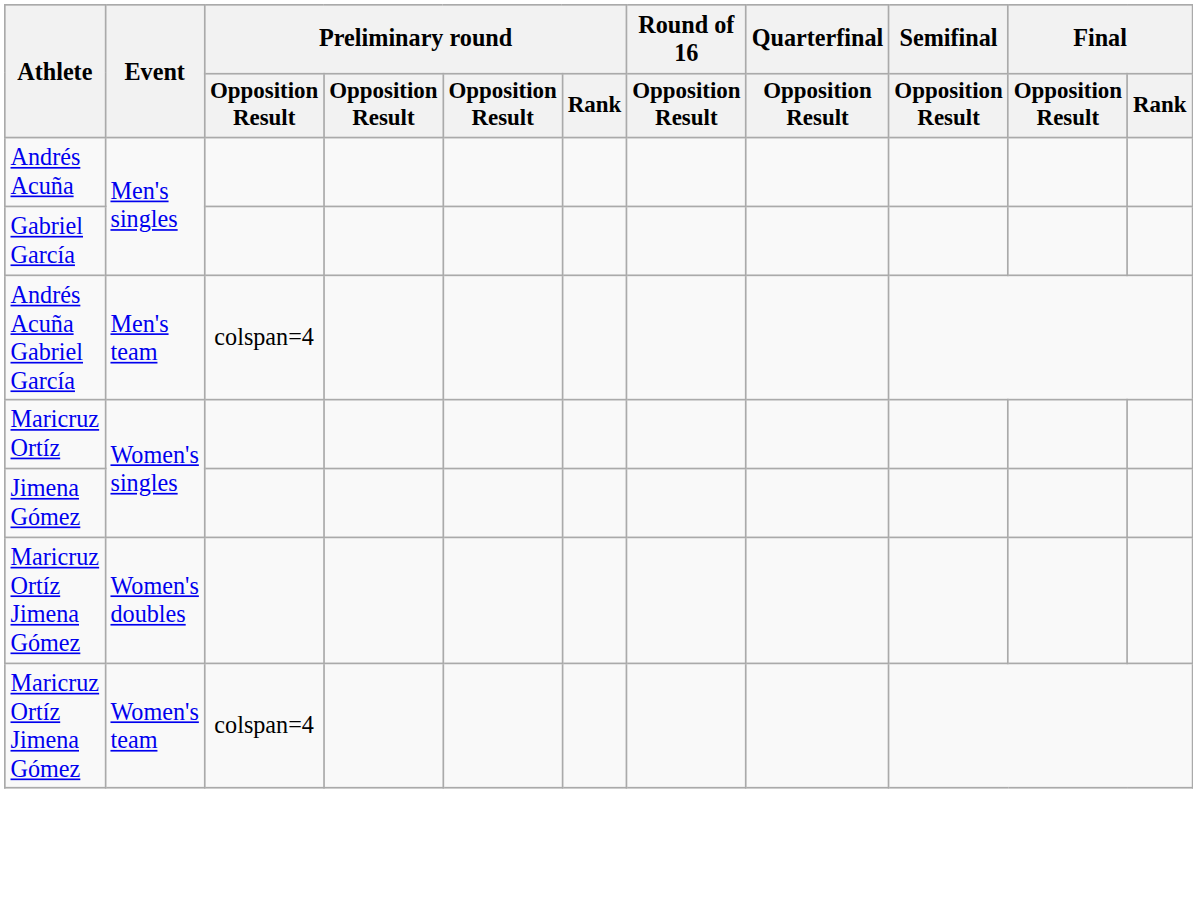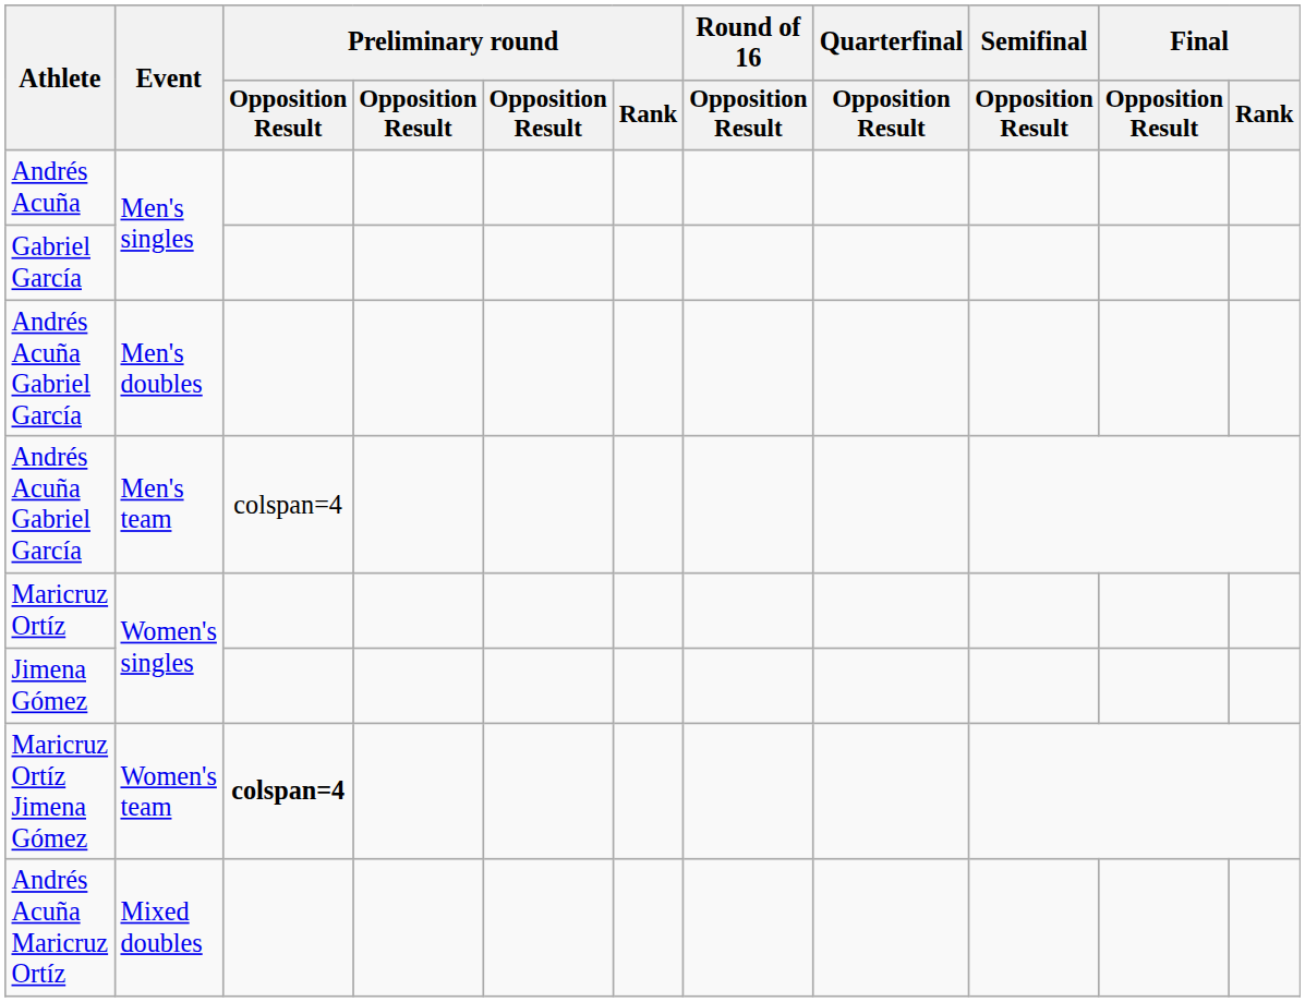 <table class="wikitable" style="font-size:90%;text-align:center">
 <tr>
 <th rowspan=2>Athlete</th>
 <th rowspan=2>Event</th>
 <th colspan=4>Preliminary round</th>
 <th>Round of 16</th>
 <th>Quarterfinal</th>
 <th>Semifinal</th>
 <th colspan=2>Final</th>
 </tr>
 <tr style=font-size:95%>
 <th>Opposition<br>Result</th>
 <th>Opposition<br>Result</th>
 <th>Opposition<br>Result</th>
 <th>Rank</th>
 <th>Opposition<br>Result</th>
 <th>Opposition<br>Result</th>
 <th>Opposition<br>Result</th>
 <th>Opposition<br>Result</th>
 <th>Rank</th>
 </tr>
 <tr>
 <td style="text-align:left"><a href='#'>Andrés Acuña</a></td>
 <td style="text-align:left" rowspan=2><a href='#'>Men's singles</a></td>
 <td></td>
 <td></td>
 <td></td>
 <td></td>
 <td></td>
 <td></td>
 <td></td>
 <td></td>
 <td></td>
 </tr>
 <tr>
 <td style="text-align:left"><a href='#'>Gabriel García</a></td>
 <td></td>
 <td></td>
 <td></td>
 <td></td>
 <td></td>
 <td></td>
 <td></td>
 <td></td>
 <td></td>
 </tr>
 <tr>
 <td style="text-align:left"><a href='#'>Andrés Acuña</a><br><a href='#'>Gabriel García</a></td>
+<td style="text-align:left"><a href='#'>Men's doubles</a></td>
+<td></td>
+<td></td>
+<td></td>
+<td></td>
+<td></td>
+<td></td>
+<td></td>
+<td></td>
+<td></td>
+</tr>
+<tr>
+<td style="text-align:left"><a href='#'>Andrés Acuña</a><br><a href='#'>Gabriel García</a></td>
 <td style="text-align:left"><a href='#'>Men's team</a></td>
 <td>colspan=4 </td>
 <td></td>
 <td></td>
 <td></td>
 <td></td>
 <td></td>
 </tr>
 <tr>
 <td style="text-align:left"><a href='#'>Maricruz Ortíz</a></td>
 <td style="text-align:left" rowspan=2><a href='#'>Women's singles</a></td>
 <td></td>
 <td></td>
 <td></td>
 <td></td>
 <td></td>
 <td></td>
 <td></td>
 <td></td>
 <td></td>
 </tr>
 <tr>
 <td style="text-align:left"><a href='#'>Jimena Gómez</a></td>
 <td></td>
 <td></td>
 <td></td>
 <td></td>
 <td></td>
 <td></td>
 <td></td>
 <td></td>
 <td></td>
 </tr>
 <tr>
 <td style="text-align:left"><a href='#'>Maricruz Ortíz</a><br><a href='#'>Jimena Gómez</a></td>
-<td style="text-align:left"><a href='#'>Women's doubles</a></td>
+<td style="text-align:left"><a href='#'>Women's team</a></td>
+<td><strong>colspan=4 </strong></td>
+<td></td>
+<td></td>
+<td></td>
+<td></td>
+<td></td>
+</tr>
+<tr>
+<td style="text-align:left"><a href='#'>Andrés Acuña</a><br><a href='#'>Maricruz Ortíz</a></td>
+<td style="text-align:left"><a href='#'>Mixed doubles</a></td>
 <td></td>
 <td></td>
 <td></td>
 <td></td>
 <td></td>
 <td></td>
 <td></td>
 <td></td>
 <td></td>
 </tr>
-<tr>
-<td style="text-align:left"><a href='#'>Maricruz Ortíz</a><br><a href='#'>Jimena Gómez</a></td>
-<td style="text-align:left"><a href='#'>Women's team</a></td>
-<td>colspan=4 </td>
-<td></td>
-<td></td>
-<td></td>
-<td></td>
-<td></td>
-</tr>
 </table>
